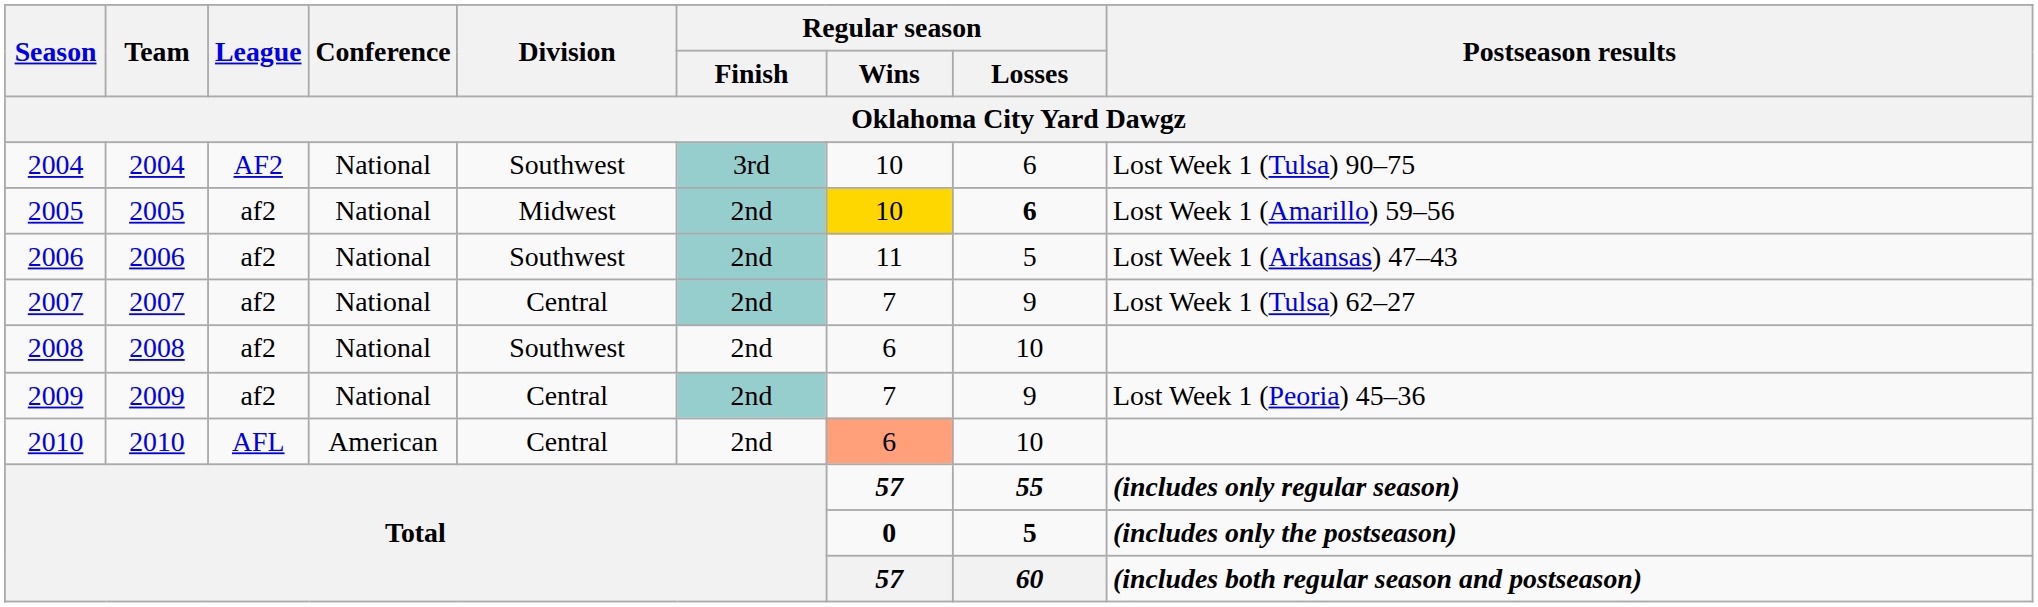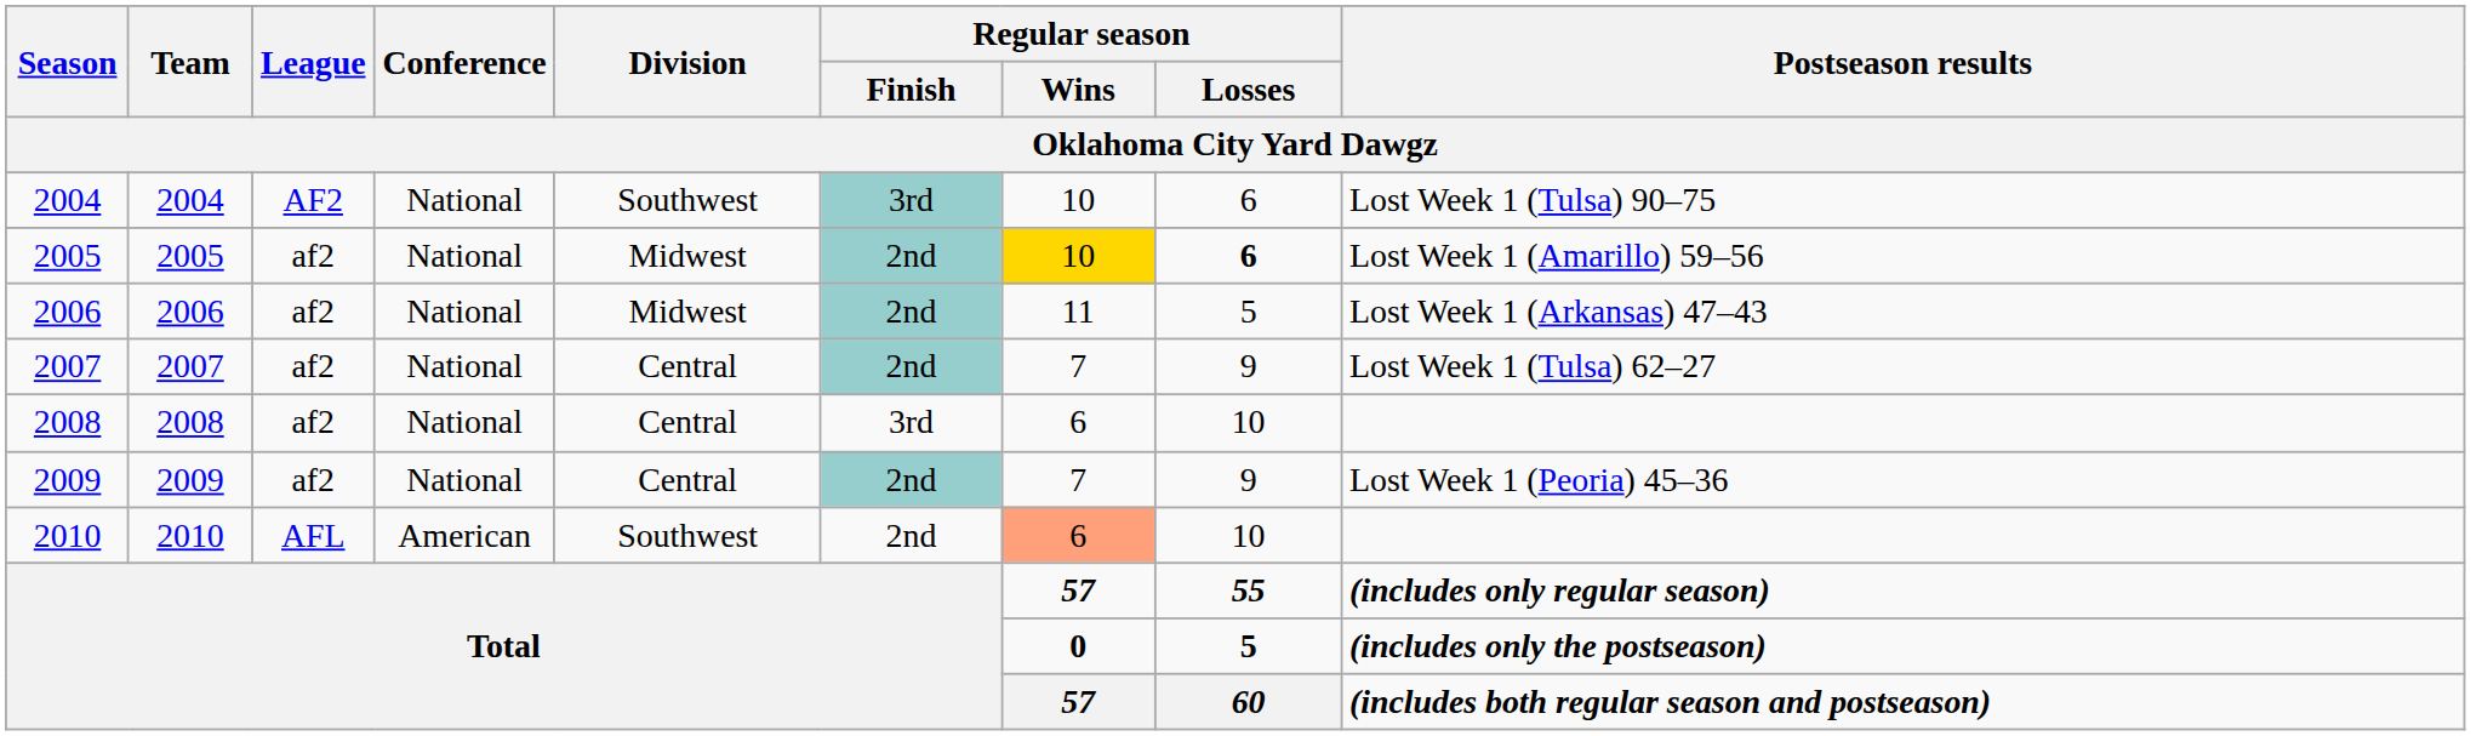 <table class="wikitable" style="font-size: 95%; width:70%;">
 <tr>
 <th rowspan="2" style="width:5%;"><a href='#'>Season</a></th>
 <th rowspan="2" style="width:5%;">Team</th>
 <th rowspan="2" style="width:5%;"><a href='#'>League</a></th>
 <th rowspan="2" style="width:5%;">Conference</th>
 <th rowspan="2">Division</th>
 <th colspan="3">Regular season</th>
 <th rowspan="2">Postseason results</th>
 </tr>
 <tr>
 <th>Finish</th>
 <th>Wins</th>
 <th>Losses</th>
 </tr>
 <tr>
 <th colspan="9">Oklahoma City Yard Dawgz</th>
 </tr>
 <tr>
 <td align="center"><a href='#'>2004</a></td>
 <td align="center"><a href='#'>2004</a></td>
 <td align="center"><a href='#'>AF2</a></td>
 <td align="center">National</td>
 <td align="center">Southwest</td>
 <td align="center" bgcolor="#96CDCD">3rd</td>
 <td align="center">10</td>
 <td align="center">6</td>
 <td>Lost Week 1 (<a href='#'>Tulsa</a>) 90–75</td>
 </tr>
 <tr>
 <td align="center"><a href='#'>2005</a></td>
 <td align="center"><a href='#'>2005</a></td>
 <td align="center">af2</td>
 <td align="center">National</td>
 <td align="center">Midwest</td>
 <td align="center" bgcolor="#96CDCD">2nd</td>
 <td align="center" style="background: gold;">10</td>
 <td align="center"><strong>6</strong></td>
 <td>Lost Week 1 (<a href='#'>Amarillo</a>) 59–56</td>
 </tr>
 <tr>
 <td align="center"><a href='#'>2006</a></td>
 <td align="center"><a href='#'>2006</a></td>
 <td align="center">af2</td>
 <td align="center">National</td>
-<td align="center">Southwest</td>
+<td align="center">Midwest</td>
 <td align="center" bgcolor="#96CDCD">2nd</td>
 <td align="center">11</td>
 <td align="center">5</td>
 <td>Lost Week 1 (<a href='#'>Arkansas</a>) 47–43</td>
 </tr>
 <tr>
 <td align="center"><a href='#'>2007</a></td>
 <td align="center"><a href='#'>2007</a></td>
 <td align="center">af2</td>
 <td align="center">National</td>
 <td align="center">Central</td>
 <td align="center" bgcolor="#96CDCD">2nd</td>
 <td align="center">7</td>
 <td align="center">9</td>
 <td>Lost Week 1 (<a href='#'>Tulsa</a>) 62–27</td>
 </tr>
 <tr>
 <td align="center"><a href='#'>2008</a></td>
 <td align="center"><a href='#'>2008</a></td>
 <td align="center">af2</td>
 <td align="center">National</td>
-<td align="center">Southwest</td>
-<td align="center">2nd</td>
+<td align="center">Central</td>
+<td align="center">3rd</td>
 <td align="center">6</td>
 <td align="center">10</td>
 <td></td>
 </tr>
 <tr>
 <td align="center"><a href='#'>2009</a></td>
 <td align="center"><a href='#'>2009</a></td>
 <td align="center">af2</td>
 <td align="center">National</td>
 <td align="center">Central</td>
 <td align="center" bgcolor="#96CDCD">2nd</td>
 <td align="center">7</td>
 <td align="center">9</td>
 <td>Lost Week 1 (<a href='#'>Peoria</a>) 45–36</td>
 </tr>
 <tr>
 <td align="center"><a href='#'>2010</a></td>
 <td align="center"><a href='#'>2010</a></td>
 <td align="center"><a href='#'>AFL</a></td>
 <td align="center">American</td>
-<td align="center">Central</td>
+<td align="center">Southwest</td>
 <td align="center">2nd</td>
 <td align="center" style="background: lightsalmon;">6</td>
 <td align="center">10</td>
 <td></td>
 </tr>
 <tr>
 <th align="center" rowSpan="3" colSpan="6">Total</th>
 <td align = "center"><strong><em>57</em></strong></td>
 <td align = "center"><strong><em>55</em></strong></td>
 <td colSpan="2"><strong><em>(includes only regular season)</em></strong></td>
 </tr>
 <tr>
 <td align="center"><strong>0</strong></td>
 <td align="center"><strong>5</strong></td>
 <td colSpan="2"><strong><em>(includes only the postseason)</em></strong></td>
 </tr>
 <tr>
 <th align="center"><em>57</em></th>
 <th align="center"><em>60</em></th>
 <td colSpan="2"><strong><em>(includes both regular season and postseason)</em></strong></td>
 </tr>
 </table>
